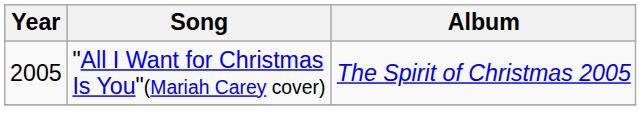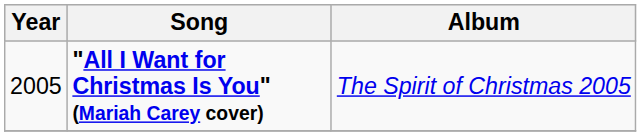 <table class="wikitable" style="text-align:left;">
 <tr bgcolor="#CCCCCC">
 <th>Year</th>
 <th width="175">Song</th>
 <th>Album</th>
 </tr>
 <tr>
 <td>2005</td>
-<td>"<a href='#'>All I Want for Christmas Is You</a>"<small>(<a href='#'>Mariah Carey</a> cover)</small></td>
+<td><strong>"<a href='#'>All I Want for Christmas Is You</a>"<small>(<a href='#'>Mariah Carey</a> cover)</small></strong></td>
 <td><em><a href='#'>The Spirit of Christmas 2005</a></em></td>
 </tr>
 <tr>
 </tr>
 </table>
